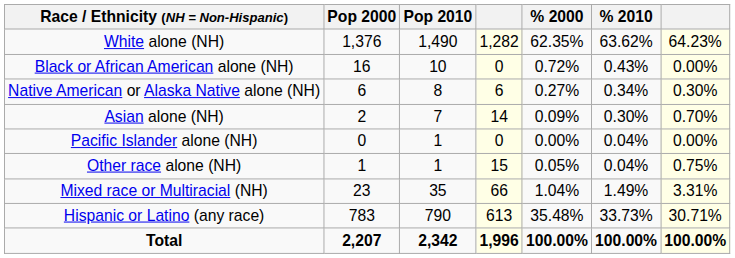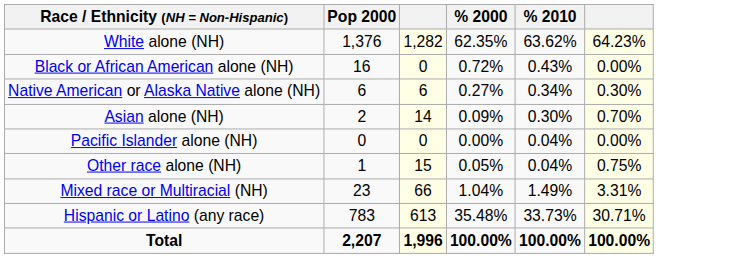 <table class="wikitable" style="text-align:center;">
 <tr>
 <th>Race / Ethnicity <small>(<em>NH = Non-Hispanic</em>)</small></th>
 <th>Pop 2000</th>
-<th>Pop 2010</th>
 <th></th>
 <th>% 2000</th>
 <th>% 2010</th>
 <th></th>
 </tr>
 <tr>
 <td><a href='#'>White</a> alone (NH)</td>
 <td>1,376</td>
-<td>1,490</td>
 <td style='background: #ffffe6;'>1,282</td>
 <td>62.35%</td>
 <td>63.62%</td>
 <td style='background: #ffffe6;'>64.23%</td>
 </tr>
 <tr>
 <td><a href='#'>Black or African American</a> alone (NH)</td>
 <td>16</td>
-<td>10</td>
 <td style='background: #ffffe6;'>0</td>
 <td>0.72%</td>
 <td>0.43%</td>
 <td style='background: #ffffe6;'>0.00%</td>
 </tr>
 <tr>
 <td><a href='#'>Native American</a> or <a href='#'>Alaska Native</a> alone (NH)</td>
 <td>6</td>
-<td>8</td>
 <td style='background: #ffffe6;'>6</td>
 <td>0.27%</td>
 <td>0.34%</td>
 <td style='background: #ffffe6;'>0.30%</td>
 </tr>
 <tr>
 <td><a href='#'>Asian</a> alone (NH)</td>
 <td>2</td>
-<td>7</td>
 <td style='background: #ffffe6;'>14</td>
 <td>0.09%</td>
 <td>0.30%</td>
 <td style='background: #ffffe6;'>0.70%</td>
 </tr>
 <tr>
 <td><a href='#'>Pacific Islander</a> alone (NH)</td>
 <td>0</td>
-<td>1</td>
 <td style='background: #ffffe6;'>0</td>
 <td>0.00%</td>
 <td>0.04%</td>
 <td style='background: #ffffe6;'>0.00%</td>
 </tr>
 <tr>
 <td><a href='#'>Other race</a> alone (NH)</td>
-<td>1</td>
 <td>1</td>
 <td style='background: #ffffe6;'>15</td>
 <td>0.05%</td>
 <td>0.04%</td>
 <td style='background: #ffffe6;'>0.75%</td>
 </tr>
 <tr>
 <td><a href='#'>Mixed race or Multiracial</a> (NH)</td>
 <td>23</td>
-<td>35</td>
 <td style='background: #ffffe6;'>66</td>
 <td>1.04%</td>
 <td>1.49%</td>
 <td style='background: #ffffe6;'>3.31%</td>
 </tr>
 <tr>
 <td><a href='#'>Hispanic or Latino</a> (any race)</td>
 <td>783</td>
-<td>790</td>
 <td style='background: #ffffe6;'>613</td>
 <td>35.48%</td>
 <td>33.73%</td>
 <td style='background: #ffffe6;'>30.71%</td>
 </tr>
 <tr>
 <td><strong>Total</strong></td>
 <td><strong>2,207</strong></td>
-<td><strong>2,342</strong></td>
 <td style='background: #ffffe6;'><strong>1,996</strong></td>
 <td><strong>100.00%</strong></td>
 <td><strong>100.00%</strong></td>
 <td style='background: #ffffe6;'><strong>100.00%</strong></td>
 </tr>
 </table>
